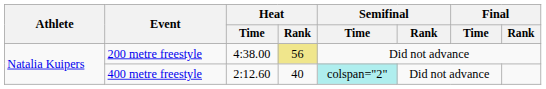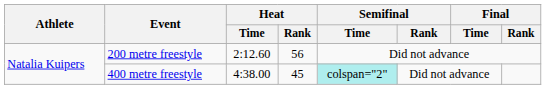 <table class="wikitable" style="text-align:center; font-size:90%; width:50%;">
 <tr>
 <th rowspan="2">Athlete</th>
 <th rowspan="2">Event</th>
 <th colspan="2">Heat</th>
 <th colspan="2">Semifinal</th>
 <th colspan="2">Final</th>
 </tr>
 <tr style="font-size:95%">
 <th>Time</th>
 <th>Rank</th>
 <th>Time</th>
 <th>Rank</th>
 <th>Time</th>
 <th>Rank</th>
 </tr>
 <tr>
 <td align=left rowspan=2><a href='#'>Natalia Kuipers</a></td>
 <td align=left><a href='#'>200 metre freestyle</a></td>
-<td>4:38.00</td>
-<td style="background: khaki;">56</td>
+<td>2:12.60</td>
+<td>56</td>
 <td colspan=4>Did not advance</td>
 </tr>
 <tr>
 <td align=left><a href='#'>400 metre freestyle</a></td>
-<td>2:12.60</td>
-<td>40</td>
+<td>4:38.00</td>
+<td>45</td>
 <td style="background: paleturquoise;">colspan="2" </td>
 <td colspan="2">Did not advance</td>
 </tr>
 </table>
